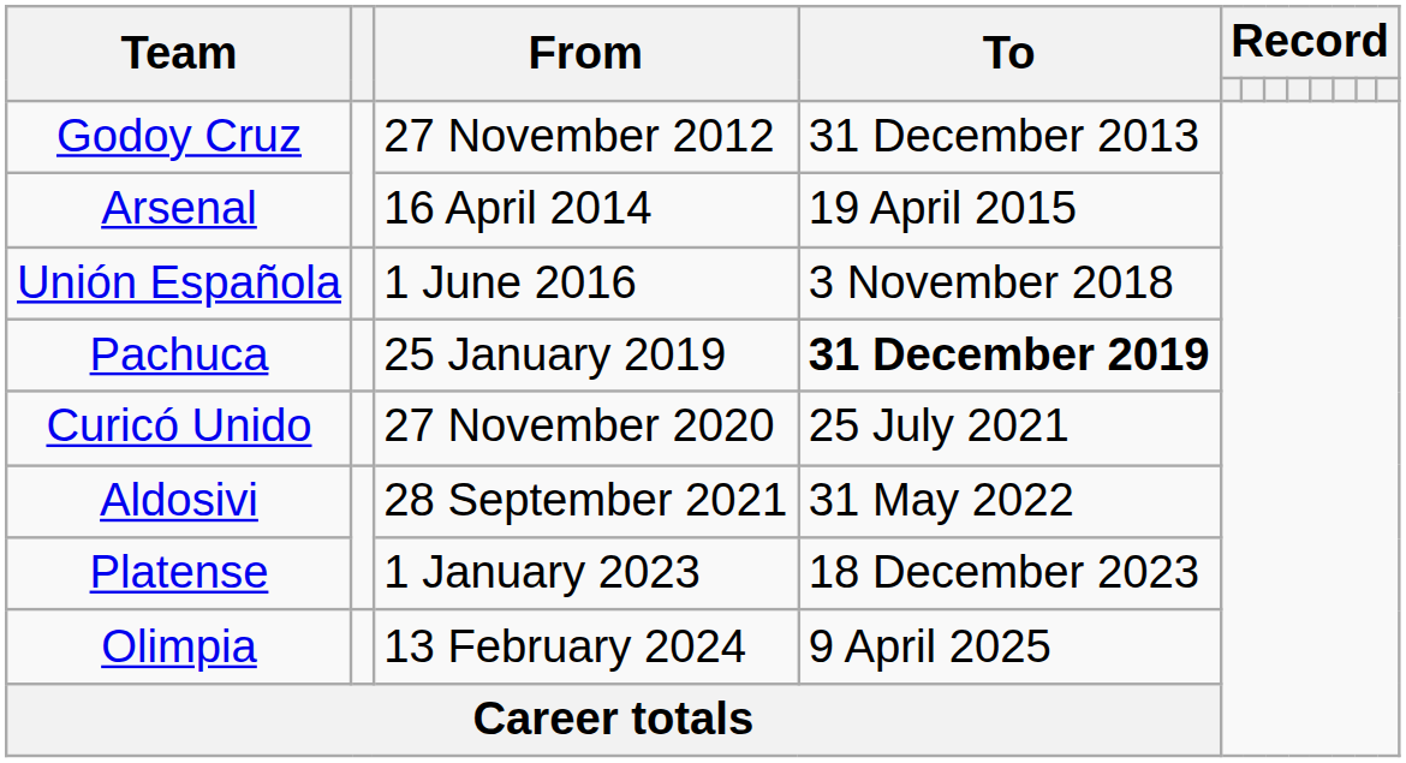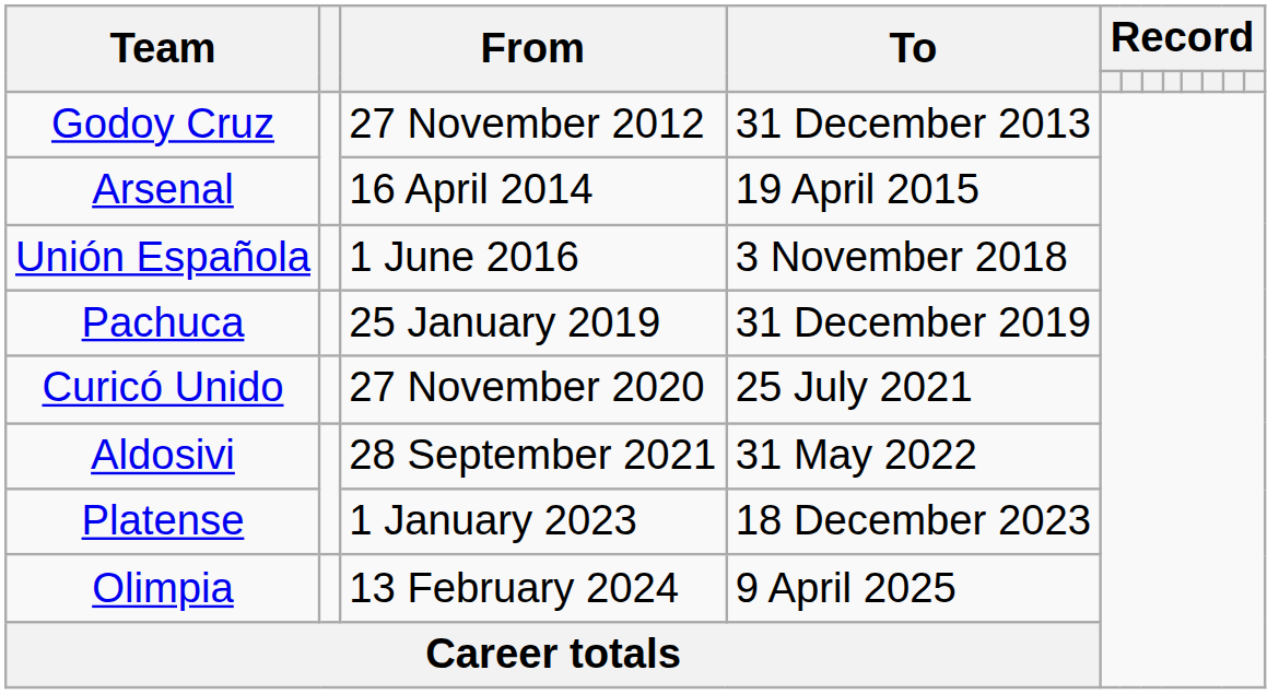 <table class="wikitable" style="text-align: center">
 <tr>
 <th rowspan="2">Team</th>
 <th rowspan="2"></th>
 <th rowspan="2">From</th>
 <th rowspan="2">To</th>
 <th colspan="8">Record</th>
 </tr>
 <tr>
 <th></th>
 <th></th>
 <th></th>
 <th></th>
 <th></th>
 <th></th>
 <th></th>
 <th></th>
 </tr>
 <tr>
 <td align=center><a href='#'>Godoy Cruz</a></td>
 <td rowspan="2"></td>
 <td align=left>27 November 2012</td>
 <td align=left>31 December 2013<br></td>
 </tr>
 <tr>
 <td align=center><a href='#'>Arsenal</a></td>
 <td align=left>16 April 2014</td>
 <td align=left>19 April 2015<br></td>
 </tr>
 <tr>
 <td align=center><a href='#'>Unión Española</a></td>
 <td></td>
 <td align=left>1 June 2016</td>
 <td align=left>3 November 2018<br></td>
 </tr>
 <tr>
 <td align=center><a href='#'>Pachuca</a></td>
 <td></td>
 <td align=left>25 January 2019</td>
-<td align=left><strong>31 December 2019<br></strong></td>
+<td align=left>31 December 2019<br></td>
 </tr>
 <tr>
 <td align=center><a href='#'>Curicó Unido</a></td>
 <td></td>
 <td align=left>27 November 2020</td>
 <td align=left>25 July 2021<br></td>
 </tr>
 <tr>
 <td align=center><a href='#'>Aldosivi</a></td>
 <td rowspan="2"></td>
 <td align=left>28 September 2021</td>
 <td align=left>31 May 2022<br></td>
 </tr>
 <tr>
 <td align=center><a href='#'>Platense</a></td>
 <td align=left>1 January 2023</td>
 <td align=left>18 December 2023<br></td>
 </tr>
 <tr>
 <td align=center><a href='#'>Olimpia</a></td>
 <td></td>
 <td align=left>13 February 2024</td>
 <td align=left>9 April 2025<br></td>
 </tr>
 <tr>
 <th colspan=4>Career totals<br></th>
 </tr>
 </table>
